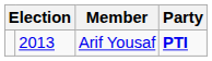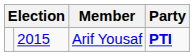 <table class="wikitable">
 <tr>
 <th colspan="2">Election</th>
 <th>Member</th>
 <th>Party</th>
 </tr>
 <tr>
 <td style="background-color: "></td>
-<td><a href='#'>2013</a></td>
+<td><a href='#'>2015</a></td>
 <td><a href='#'>Arif Yousaf</a></td>
 <td><strong><a href='#'>PTI</a></strong></td>
 </tr>
 </table>
